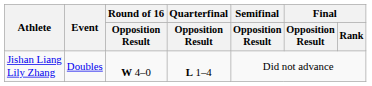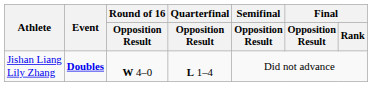 <table class=wikitable style=font-size:90%;text-align:center>
 <tr>
 <th rowspan=2>Athlete</th>
 <th rowspan=2>Event</th>
 <th>Round of 16</th>
 <th>Quarterfinal</th>
 <th>Semifinal</th>
 <th colspan=2>Final</th>
 </tr>
 <tr style=font-size:95%>
 <th>Opposition<br>Result</th>
 <th>Opposition<br>Result</th>
 <th>Opposition<br>Result</th>
 <th>Opposition<br>Result</th>
 <th>Rank</th>
 </tr>
 <tr>
 <td align=left><a href='#'>Jishan Liang</a><br><a href='#'>Lily Zhang</a></td>
-<td align=left><a href='#'>Doubles</a></td>
+<td align=left><strong><a href='#'>Doubles</a></strong></td>
 <td><br><strong>W</strong> 4–0</td>
 <td><br><strong>L</strong> 1–4</td>
 <td colspan=3>Did not advance</td>
 </tr>
 </table>
